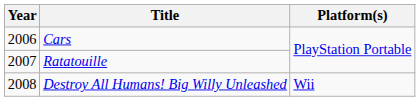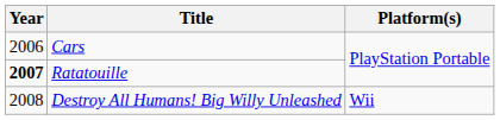 <table class="wikitable sortable">
 <tr>
 <th>Year</th>
 <th>Title</th>
 <th>Platform(s)</th>
 </tr>
 <tr>
 <td>2006</td>
 <td><em><a href='#'>Cars</a></em></td>
 <td rowspan="2"><a href='#'>PlayStation Portable</a></td>
 </tr>
 <tr>
-<td>2007</td>
+<td><strong>2007</strong></td>
 <td><em><a href='#'>Ratatouille</a></em></td>
 </tr>
 <tr>
 <td>2008</td>
 <td><em><a href='#'>Destroy All Humans! Big Willy Unleashed</a></em></td>
 <td><a href='#'>Wii</a></td>
 </tr>
 </table>
